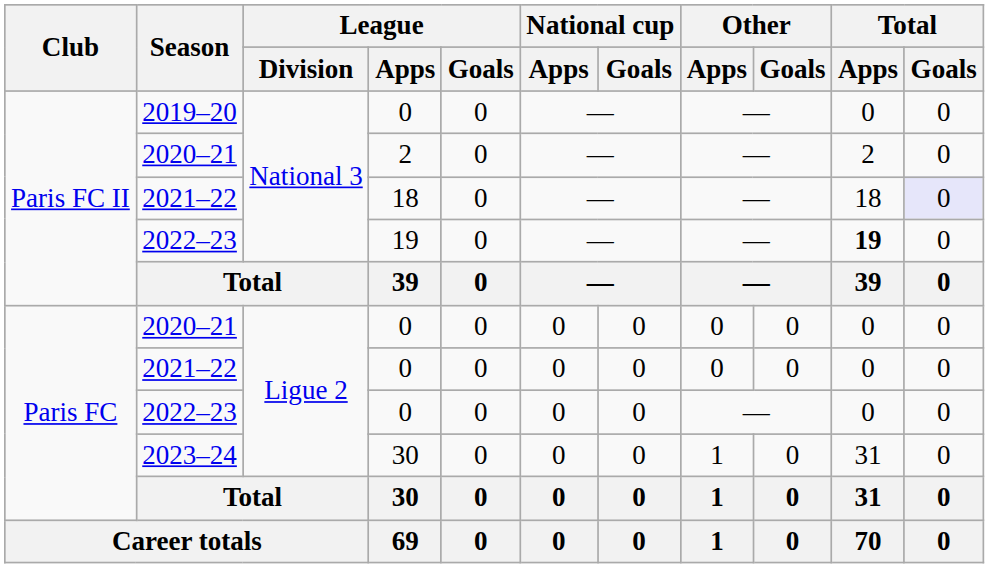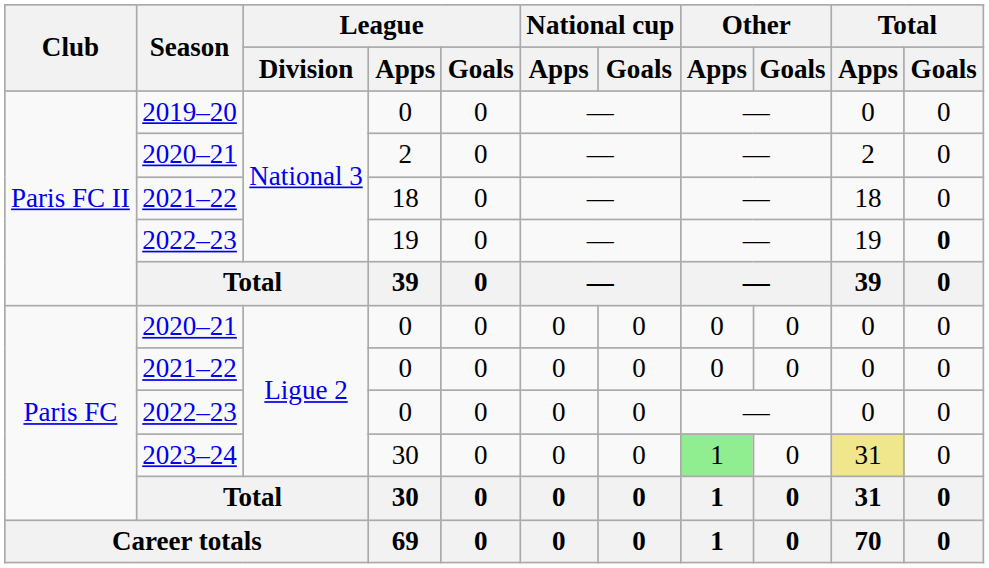 <table class="wikitable" style="text-align: center;">
 <tr>
 <th rowspan="2">Club</th>
 <th rowspan="2">Season</th>
 <th colspan="3">League</th>
 <th colspan="2">National cup</th>
 <th colspan="2">Other</th>
 <th colspan="2">Total</th>
 </tr>
 <tr>
 <th>Division</th>
 <th>Apps</th>
 <th>Goals</th>
 <th>Apps</th>
 <th>Goals</th>
 <th>Apps</th>
 <th>Goals</th>
 <th>Apps</th>
 <th>Goals</th>
 </tr>
 <tr>
 <td rowspan="5"><a href='#'>Paris FC II</a></td>
 <td><a href='#'>2019–20</a></td>
 <td rowspan="4"><a href='#'>National 3</a></td>
 <td>0</td>
 <td>0</td>
 <td colspan="2">—</td>
 <td colspan="2">—</td>
 <td>0</td>
 <td>0</td>
 </tr>
 <tr>
 <td><a href='#'>2020–21</a></td>
 <td>2</td>
 <td>0</td>
 <td colspan="2">—</td>
 <td colspan="2">—</td>
 <td>2</td>
 <td>0</td>
 </tr>
 <tr>
 <td><a href='#'>2021–22</a></td>
 <td>18</td>
 <td>0</td>
 <td colspan="2">—</td>
 <td colspan="2">—</td>
 <td>18</td>
-<td style="background: lavender;">0</td>
+<td>0</td>
 </tr>
 <tr>
 <td><a href='#'>2022–23</a></td>
 <td>19</td>
 <td>0</td>
 <td colspan="2">—</td>
 <td colspan="2">—</td>
-<td><strong>19</strong></td>
-<td>0</td>
+<td>19</td>
+<td><strong>0</strong></td>
 </tr>
 <tr>
 <th colspan="2">Total</th>
 <th>39</th>
 <th>0</th>
 <th colspan="2">—</th>
 <th colspan="2">—</th>
 <th>39</th>
 <th>0</th>
 </tr>
 <tr>
 <td rowspan="5"><a href='#'>Paris FC</a></td>
 <td><a href='#'>2020–21</a></td>
 <td rowspan="4"><a href='#'>Ligue 2</a></td>
 <td>0</td>
 <td>0</td>
 <td>0</td>
 <td>0</td>
 <td>0</td>
 <td>0</td>
 <td>0</td>
 <td>0</td>
 </tr>
 <tr>
 <td><a href='#'>2021–22</a></td>
 <td>0</td>
 <td>0</td>
 <td>0</td>
 <td>0</td>
 <td>0</td>
 <td>0</td>
 <td>0</td>
 <td>0</td>
 </tr>
 <tr>
 <td><a href='#'>2022–23</a></td>
 <td>0</td>
 <td>0</td>
 <td>0</td>
 <td>0</td>
 <td colspan="2">—</td>
 <td>0</td>
 <td>0</td>
 </tr>
 <tr>
 <td><a href='#'>2023–24</a></td>
 <td>30</td>
 <td>0</td>
 <td>0</td>
 <td>0</td>
-<td>1</td>
+<td style="background: lightgreen;">1</td>
 <td>0</td>
-<td>31</td>
+<td style="background: khaki;">31</td>
 <td>0</td>
 </tr>
 <tr>
 <th colspan="2">Total</th>
 <th>30</th>
 <th>0</th>
 <th>0</th>
 <th>0</th>
 <th>1</th>
 <th>0</th>
 <th>31</th>
 <th>0</th>
 </tr>
 <tr>
 <th colspan="3">Career totals</th>
 <th>69</th>
 <th>0</th>
 <th>0</th>
 <th>0</th>
 <th>1</th>
 <th>0</th>
 <th>70</th>
 <th>0</th>
 </tr>
 </table>
